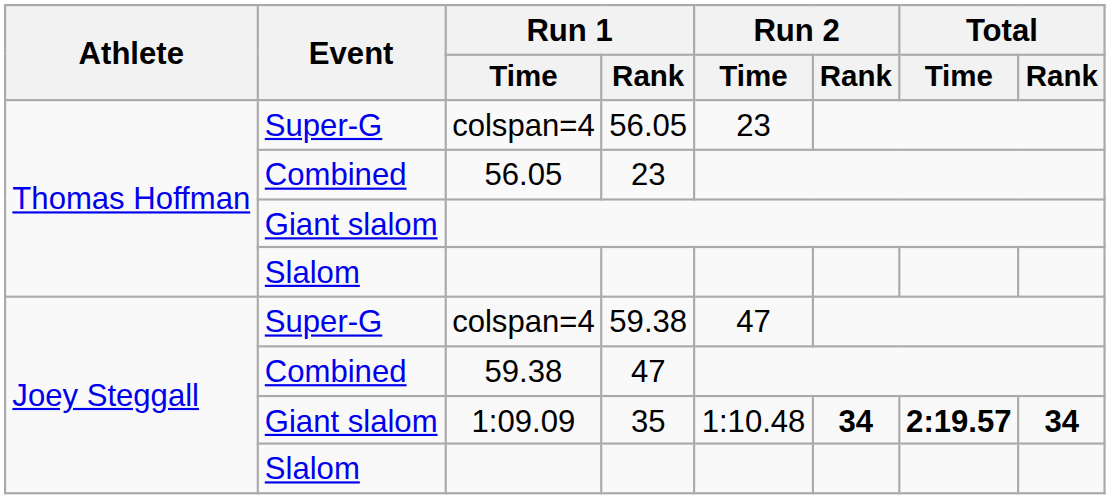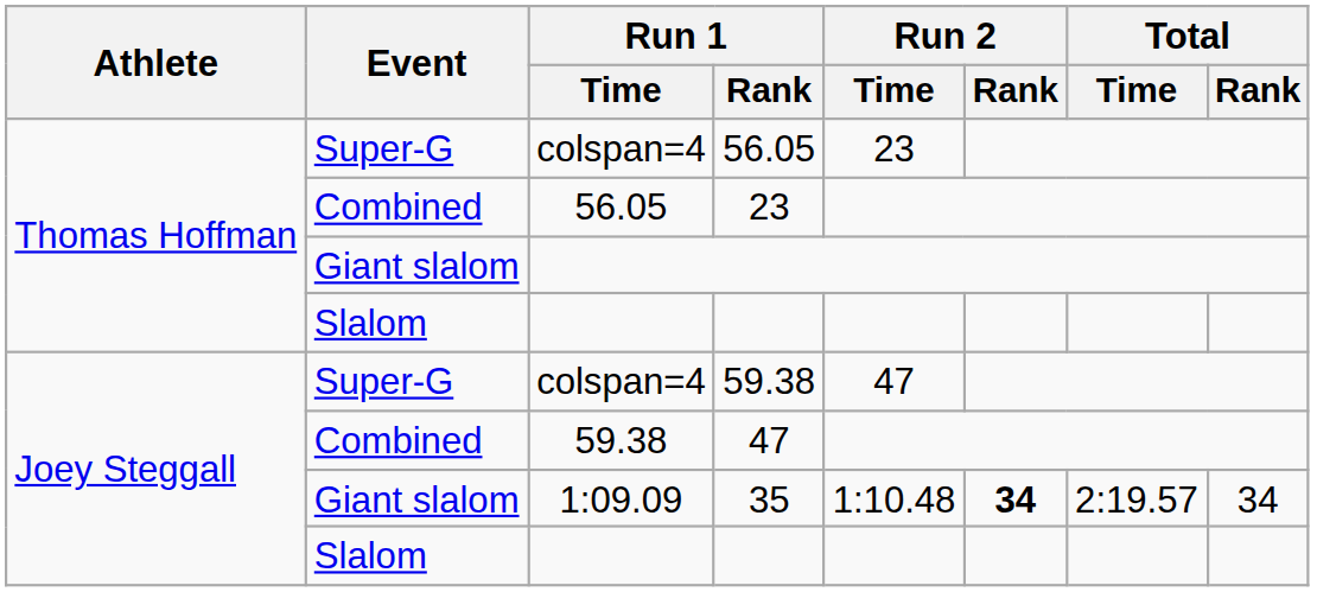 <table class="wikitable" style="font-size:90%">
 <tr>
 <th rowspan=2>Athlete</th>
 <th rowspan=2>Event</th>
 <th colspan=2>Run 1</th>
 <th colspan=2>Run 2</th>
 <th colspan=2>Total</th>
 </tr>
 <tr style="font-size:95%">
 <th>Time</th>
 <th>Rank</th>
 <th>Time</th>
 <th>Rank</th>
 <th>Time</th>
 <th>Rank</th>
 </tr>
 <tr align=center>
 <td align="left" rowspan="4"><a href='#'>Thomas Hoffman</a></td>
 <td align="left"><a href='#'>Super-G</a></td>
 <td>colspan=4</td>
 <td>56.05</td>
 <td>23</td>
 </tr>
 <tr align=center>
 <td align="left"><a href='#'>Combined</a></td>
 <td>56.05</td>
 <td>23</td>
 <td colspan=4></td>
 </tr>
 <tr align=center>
 <td align="left"><a href='#'>Giant slalom</a></td>
 <td colspan=6></td>
 </tr>
 <tr align=center>
 <td align="left"><a href='#'>Slalom</a></td>
 <td></td>
 <td></td>
 <td></td>
 <td></td>
 <td></td>
 <td></td>
 </tr>
 <tr align=center>
 <td align="left" rowspan="4"><a href='#'>Joey Steggall</a></td>
 <td align="left"><a href='#'>Super-G</a></td>
 <td>colspan=4</td>
 <td>59.38</td>
 <td>47</td>
 </tr>
 <tr align=center>
 <td align="left"><a href='#'>Combined</a></td>
 <td>59.38</td>
 <td>47</td>
 <td colspan=4></td>
 </tr>
 <tr align=center>
 <td align="left"><a href='#'>Giant slalom</a></td>
 <td>1:09.09</td>
 <td>35</td>
 <td>1:10.48</td>
 <td><strong>34</strong></td>
-<td><strong>2:19.57</strong></td>
-<td><strong>34</strong></td>
+<td>2:19.57</td>
+<td>34</td>
 </tr>
 <tr align=center>
 <td align="left"><a href='#'>Slalom</a></td>
 <td></td>
 <td></td>
 <td></td>
 <td></td>
 <td></td>
 <td></td>
 </tr>
 </table>
